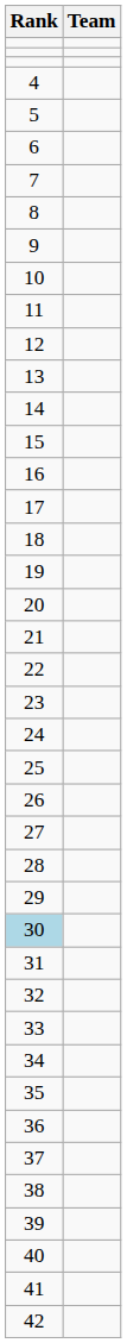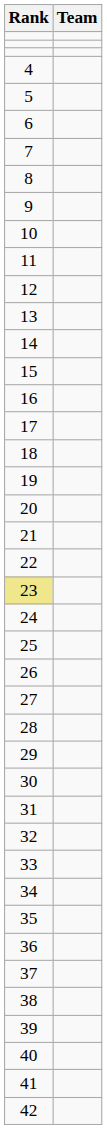 <table class="wikitable">
 <tr>
 <th>Rank</th>
 <th>Team</th>
 </tr>
 <tr>
 <td align=center></td>
 <td></td>
 </tr>
 <tr>
 <td align=center></td>
 <td></td>
 </tr>
 <tr>
 <td align=center></td>
 <td></td>
 </tr>
 <tr>
 <td align=center>4</td>
 <td></td>
 </tr>
 <tr>
 <td align=center>5</td>
 <td></td>
 </tr>
 <tr>
 <td align=center>6</td>
 <td></td>
 </tr>
 <tr>
 <td align=center>7</td>
 <td></td>
 </tr>
 <tr>
 <td align=center>8</td>
 <td></td>
 </tr>
 <tr>
 <td align=center>9</td>
 <td></td>
 </tr>
 <tr>
 <td align=center>10</td>
 <td></td>
 </tr>
 <tr>
 <td align=center>11</td>
 <td></td>
 </tr>
 <tr>
 <td align=center>12</td>
 <td></td>
 </tr>
 <tr>
 <td align=center>13</td>
 <td></td>
 </tr>
 <tr>
 <td align=center>14</td>
 <td></td>
 </tr>
 <tr>
 <td align=center>15</td>
 <td></td>
 </tr>
 <tr>
 <td align=center>16</td>
 <td></td>
 </tr>
 <tr>
 <td align=center>17</td>
 <td></td>
 </tr>
 <tr>
 <td align=center>18</td>
 <td></td>
 </tr>
 <tr>
 <td align=center>19</td>
 <td></td>
 </tr>
 <tr>
 <td align=center>20</td>
 <td></td>
 </tr>
 <tr>
 <td align=center>21</td>
 <td></td>
 </tr>
 <tr>
 <td align=center>22</td>
 <td></td>
 </tr>
 <tr>
-<td align=center>23</td>
+<td align=center style="background: khaki;">23</td>
 <td></td>
 </tr>
 <tr>
 <td align=center>24</td>
 <td></td>
 </tr>
 <tr>
 <td align=center>25</td>
 <td></td>
 </tr>
 <tr>
 <td align=center>26</td>
 <td></td>
 </tr>
 <tr>
 <td align=center>27</td>
 <td></td>
 </tr>
 <tr>
 <td align=center>28</td>
 <td></td>
 </tr>
 <tr>
 <td align=center>29</td>
 <td></td>
 </tr>
 <tr>
-<td align=center style="background: lightblue;">30</td>
+<td align=center>30</td>
 <td></td>
 </tr>
 <tr>
 <td align=center>31</td>
 <td></td>
 </tr>
 <tr>
 <td align=center>32</td>
 <td></td>
 </tr>
 <tr>
 <td align=center>33</td>
 <td></td>
 </tr>
 <tr>
 <td align=center>34</td>
 <td></td>
 </tr>
 <tr>
 <td align=center>35</td>
 <td></td>
 </tr>
 <tr>
 <td align=center>36</td>
 <td></td>
 </tr>
 <tr>
 <td align=center>37</td>
 <td></td>
 </tr>
 <tr>
 <td align=center>38</td>
 <td></td>
 </tr>
 <tr>
 <td align=center>39</td>
 <td></td>
 </tr>
 <tr>
 <td align=center>40</td>
 <td></td>
 </tr>
 <tr>
 <td align=center>41</td>
 <td></td>
 </tr>
 <tr>
 <td align=center>42</td>
 <td></td>
 </tr>
 </table>
